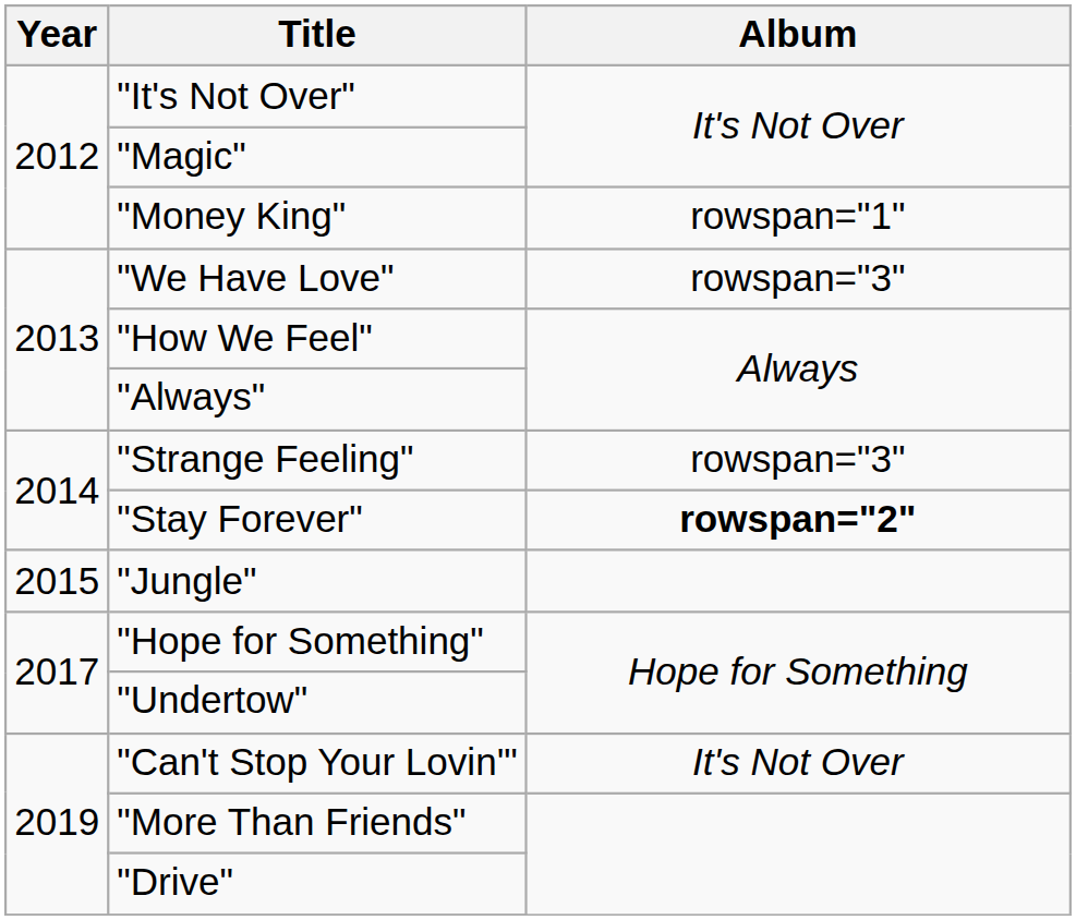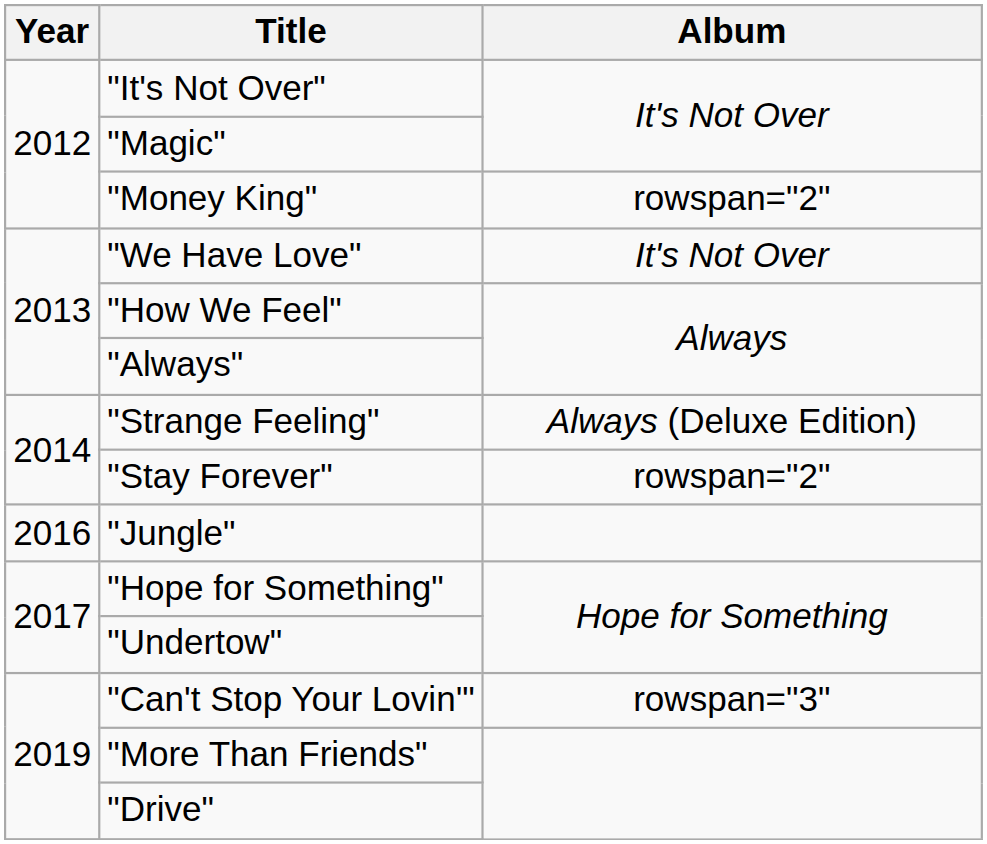 <table class="wikitable" style="text-align:center;">
 <tr>
 <th scope="col">Year</th>
 <th scope="col">Title</th>
 <th scope="col" width="220">Album</th>
 </tr>
 <tr>
 <td rowspan="3">2012</td>
 <td align="left">"It's Not Over"</td>
 <td rowspan="2"><em>It's Not Over</em></td>
 </tr>
 <tr>
 <td align="left">"Magic"</td>
 </tr>
 <tr>
 <td align="left">"Money King" </td>
-<td>rowspan="1" </td>
+<td>rowspan="2" </td>
 </tr>
 <tr>
 <td rowspan="3">2013</td>
 <td align="left">"We Have Love"</td>
-<td>rowspan="3" </td>
+<td rowspan="1"><em>It's Not Over</em></td>
 </tr>
 <tr>
 <td align="left">"How We Feel"</td>
 <td rowspan="2"><em>Always</em></td>
 </tr>
 <tr>
 <td align="left">"Always"</td>
 </tr>
 <tr>
 <td rowspan="2">2014</td>
 <td align="left">"Strange Feeling"</td>
-<td>rowspan="3" </td>
+<td rowspan="1"><em>Always</em> (Deluxe Edition)</td>
 </tr>
 <tr>
 <td align="left">"Stay Forever"</td>
-<td><strong>rowspan="2" </strong></td>
+<td>rowspan="2" </td>
 </tr>
 <tr>
-<td rowspan="1">2015</td>
+<td rowspan="1">2016</td>
 <td align="left">"Jungle"</td>
 </tr>
 <tr>
 <td rowspan="2">2017</td>
 <td align="left">"Hope for Something"</td>
 <td rowspan="2"><em>Hope for Something</em></td>
 </tr>
 <tr>
 <td align="left">"Undertow"</td>
 </tr>
 <tr>
 <td rowspan="3">2019</td>
 <td align="left">"Can't Stop Your Lovin'" </td>
-<td rowspan="1"><em>It's Not Over</em></td>
+<td>rowspan="3" </td>
 </tr>
 <tr>
 <td align="left">"More Than Friends" </td>
 </tr>
 <tr>
 <td align="left">"Drive" </td>
 </tr>
 <tr>
 </tr>
 </table>
